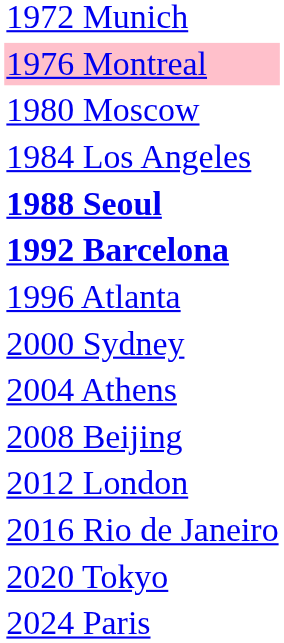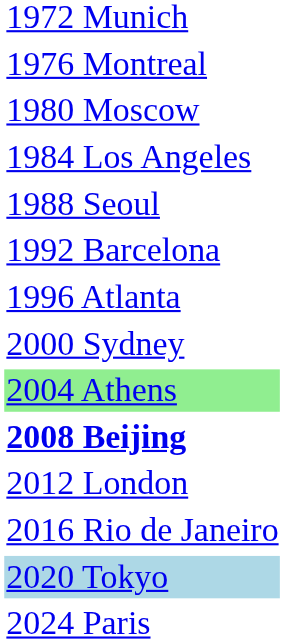 <table>
 <tr>
 <td><a href='#'>1972 Munich</a><br></td>
 <td></td>
 <td></td>
 <td></td>
 </tr>
 <tr>
-<td style="background: pink;"><a href='#'>1976 Montreal</a><br></td>
+<td><a href='#'>1976 Montreal</a><br></td>
 <td></td>
 <td></td>
 <td></td>
 </tr>
 <tr>
 <td><a href='#'>1980 Moscow</a><br></td>
 <td></td>
 <td></td>
 <td></td>
 </tr>
 <tr>
 <td><a href='#'>1984 Los Angeles</a><br></td>
 <td></td>
 <td></td>
 <td></td>
 </tr>
 <tr>
-<td><strong><a href='#'>1988 Seoul</a><br></strong></td>
+<td><a href='#'>1988 Seoul</a><br></td>
 <td></td>
 <td></td>
 <td></td>
 </tr>
 <tr>
-<td><strong><a href='#'>1992 Barcelona</a><br></strong></td>
+<td><a href='#'>1992 Barcelona</a><br></td>
 <td></td>
 <td></td>
 <td></td>
 </tr>
 <tr>
 <td><a href='#'>1996 Atlanta</a><br></td>
 <td></td>
 <td></td>
 <td></td>
 </tr>
 <tr>
 <td><a href='#'>2000 Sydney</a><br></td>
 <td></td>
 <td></td>
 <td></td>
 </tr>
 <tr>
-<td><a href='#'>2004 Athens</a><br></td>
+<td style="background: lightgreen;"><a href='#'>2004 Athens</a><br></td>
 <td></td>
 <td></td>
 <td></td>
 </tr>
 <tr>
-<td><a href='#'>2008 Beijing</a><br></td>
+<td><strong><a href='#'>2008 Beijing</a><br></strong></td>
 <td></td>
 <td></td>
 <td></td>
 </tr>
 <tr>
 <td><a href='#'>2012 London</a><br></td>
 <td></td>
 <td></td>
 <td></td>
 </tr>
 <tr>
 <td><a href='#'>2016 Rio de Janeiro</a><br></td>
 <td></td>
 <td></td>
 <td></td>
 </tr>
 <tr>
-<td><a href='#'>2020 Tokyo</a><br></td>
+<td style="background: lightblue;"><a href='#'>2020 Tokyo</a><br></td>
 <td></td>
 <td></td>
 <td></td>
 </tr>
 <tr>
 <td><a href='#'>2024 Paris</a><br></td>
 <td></td>
 <td></td>
 <td></td>
 </tr>
 <tr>
 </tr>
 </table>
